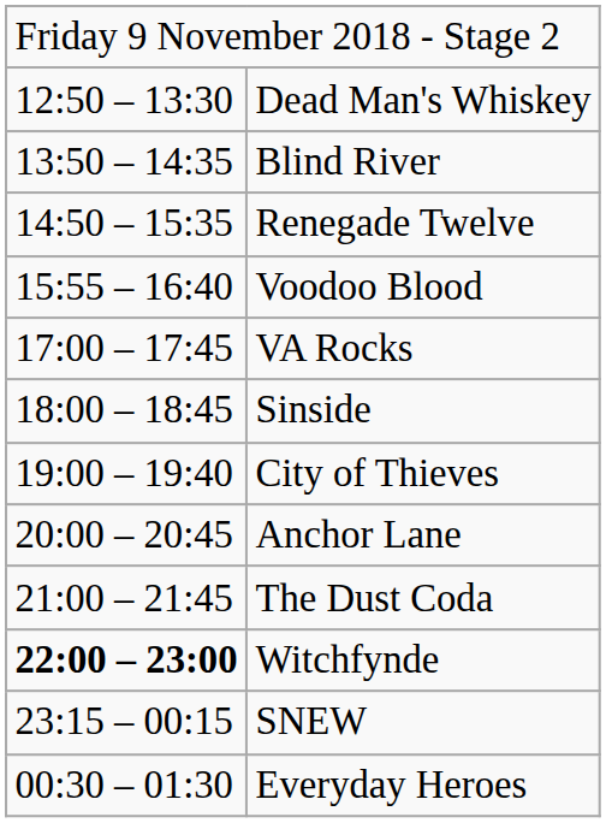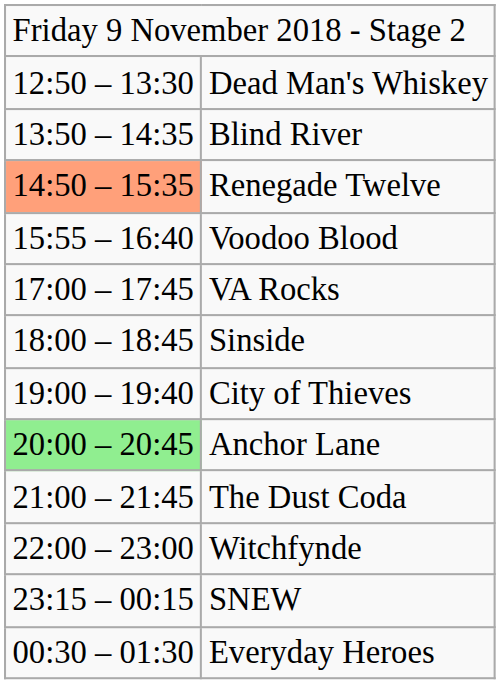 <table class="wikitable">
 <tr>
 <td colspan="2">Friday 9 November 2018 - Stage 2</td>
 </tr>
 <tr>
 <td>12:50 – 13:30</td>
 <td>Dead Man's Whiskey</td>
 </tr>
 <tr>
 <td>13:50 – 14:35</td>
 <td>Blind River</td>
 </tr>
 <tr>
-<td>14:50 – 15:35</td>
+<td style="background: lightsalmon;">14:50 – 15:35</td>
 <td>Renegade Twelve</td>
 </tr>
 <tr>
 <td>15:55 – 16:40</td>
 <td>Voodoo Blood</td>
 </tr>
 <tr>
 <td>17:00 – 17:45</td>
 <td>VA Rocks</td>
 </tr>
 <tr>
 <td>18:00 – 18:45</td>
 <td>Sinside</td>
 </tr>
 <tr>
 <td>19:00 – 19:40</td>
 <td>City of Thieves</td>
 </tr>
 <tr>
-<td>20:00 – 20:45</td>
+<td style="background: lightgreen;">20:00 – 20:45</td>
 <td>Anchor Lane</td>
 </tr>
 <tr>
 <td>21:00 – 21:45</td>
 <td>The Dust Coda</td>
 </tr>
 <tr>
-<td><strong>22:00 – 23:00</strong></td>
+<td>22:00 – 23:00</td>
 <td>Witchfynde</td>
 </tr>
 <tr>
 <td>23:15 – 00:15</td>
 <td>SNEW</td>
 </tr>
 <tr>
 <td>00:30 – 01:30</td>
 <td>Everyday Heroes</td>
 </tr>
 </table>
